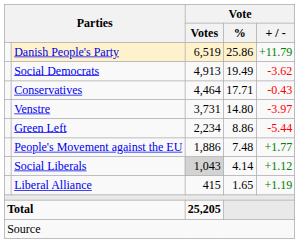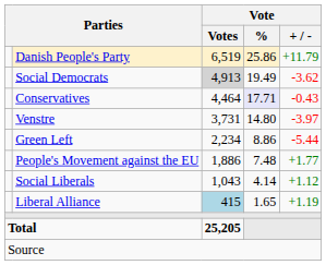 <table class="wikitable" style="text-align:right;">
 <tr>
 <th style="text-align:centre;" rowspan="2" colspan="2" width="225">Parties</th>
 <th colspan="3">Vote</th>
 </tr>
 <tr>
 <th width="15">Votes</th>
 <th width="15">%</th>
 <th width="15">+ / -</th>
 </tr>
 <tr>
 <td width="2" style="color:inherit;background:"></td>
 <td bgcolor=#fef2cc   align="left"><a href='#'>Danish People's Party</a></td>
 <td bgcolor=#fef2cc>6,519</td>
 <td bgcolor=#fef2cc>25.86</td>
 <td style=color:green;>+11.79</td>
 </tr>
 <tr>
 <td width="2" style="color:inherit;background:"></td>
 <td align="left"><a href='#'>Social Democrats</a></td>
-<td>4,913</td>
+<td style="background: lightgrey;">4,913</td>
 <td>19.49</td>
 <td style=color:red;>-3.62</td>
 </tr>
 <tr>
 <td width="2" style="color:inherit;background:"></td>
 <td align="left"><a href='#'>Conservatives</a></td>
 <td>4,464</td>
-<td>17.71</td>
+<td style="background: lavender;">17.71</td>
 <td style=color:red;>-0.43</td>
 </tr>
 <tr>
 <td width="2" style="color:inherit;background:"></td>
 <td align="left"><a href='#'>Venstre</a></td>
 <td>3,731</td>
 <td>14.80</td>
 <td style=color:red;>-3.97</td>
 </tr>
 <tr>
 <td width="2" style="color:inherit;background:"></td>
 <td align="left"><a href='#'>Green Left</a></td>
 <td>2,234</td>
 <td>8.86</td>
 <td style=color:red;>-5.44</td>
 </tr>
 <tr>
 <td width="2" style="color:inherit;background:"></td>
 <td align="left"><a href='#'>People's Movement against the EU</a></td>
 <td>1,886</td>
 <td>7.48</td>
 <td style=color:green;>+1.77</td>
 </tr>
 <tr>
 <td width="2" style="color:inherit;background:"></td>
 <td align="left"><a href='#'>Social Liberals</a></td>
-<td style="background: lightgrey;">1,043</td>
+<td>1,043</td>
 <td>4.14</td>
 <td style=color:green;>+1.12</td>
 </tr>
 <tr>
 <td width="2" style="color:inherit;background:"></td>
 <td align="left"><a href='#'>Liberal Alliance</a></td>
-<td>415</td>
+<td style="background: lightblue;">415</td>
 <td>1.65</td>
 <td style=color:green;>+1.19</td>
 </tr>
 <tr>
 <td colspan="7" bgcolor="#E9E9E9"></td>
 </tr>
 <tr>
 <td align="left" colspan="2"><strong>Total</strong></td>
 <td><strong>25,205</strong></td>
 <td bgcolor="#E9E9E9" colspan="2"></td>
 </tr>
 <tr>
 <td align="left" colspan="6">Source</td>
 </tr>
 </table>
